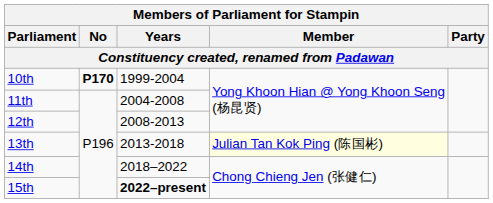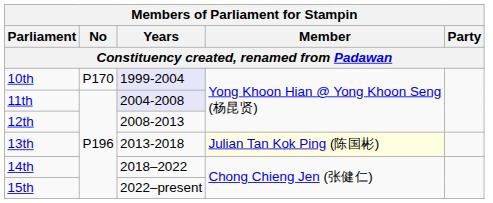 <table class=wikitable>
 <tr>
 <th colspan="5">Members of Parliament for Stampin</th>
 </tr>
 <tr>
 <th>Parliament</th>
 <th>No</th>
 <th>Years</th>
 <th>Member</th>
 <th>Party</th>
 </tr>
 <tr>
 <th colspan="5" align="center"><em>Constituency created, renamed from <a href='#'>Padawan</a></em></th>
 </tr>
 <tr>
 <td><a href='#'>10th</a></td>
-<td><strong>P170</strong></td>
-<td>1999-2004</td>
+<td>P170</td>
+<td style="background: lavender;">1999-2004</td>
 <td rowspan=3><a href='#'>Yong Khoon Hian @ Yong Khoon Seng</a> <br> (杨昆贤)</td>
 <td rowspan="3"></td>
 </tr>
 <tr>
 <td><a href='#'>11th</a></td>
 <td rowspan="5">P196</td>
-<td>2004-2008</td>
+<td style="background: lavender;">2004-2008</td>
 </tr>
 <tr>
 <td><a href='#'>12th</a></td>
 <td>2008-2013</td>
 </tr>
 <tr>
 <td><a href='#'>13th</a></td>
 <td>2013-2018</td>
 <td style="background: lightyellow;"><a href='#'>Julian Tan Kok Ping</a> (陈国彬)</td>
 <td></td>
 </tr>
 <tr>
 <td><a href='#'>14th</a></td>
 <td>2018–2022</td>
 <td rowspan="2"><a href='#'>Chong Chieng Jen</a> (张健仁)</td>
 <td rowspan="2"></td>
 </tr>
 <tr>
 <td><a href='#'>15th</a></td>
-<td><strong>2022–present</strong></td>
+<td>2022–present</td>
 </tr>
 </table>
